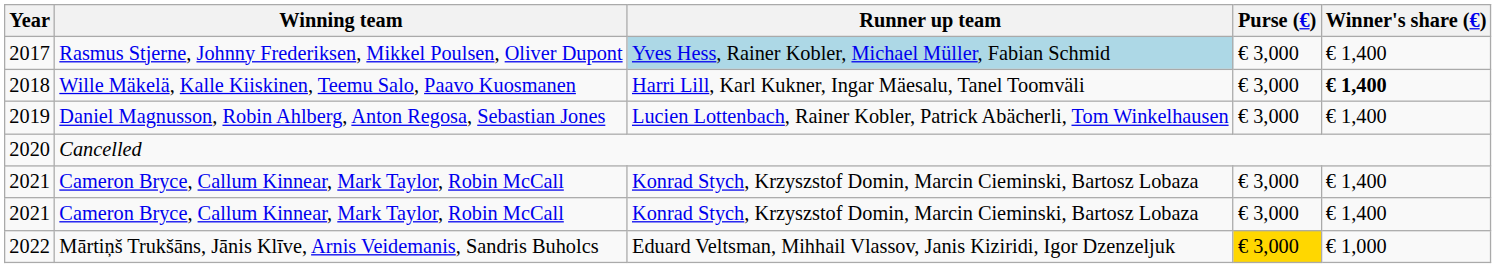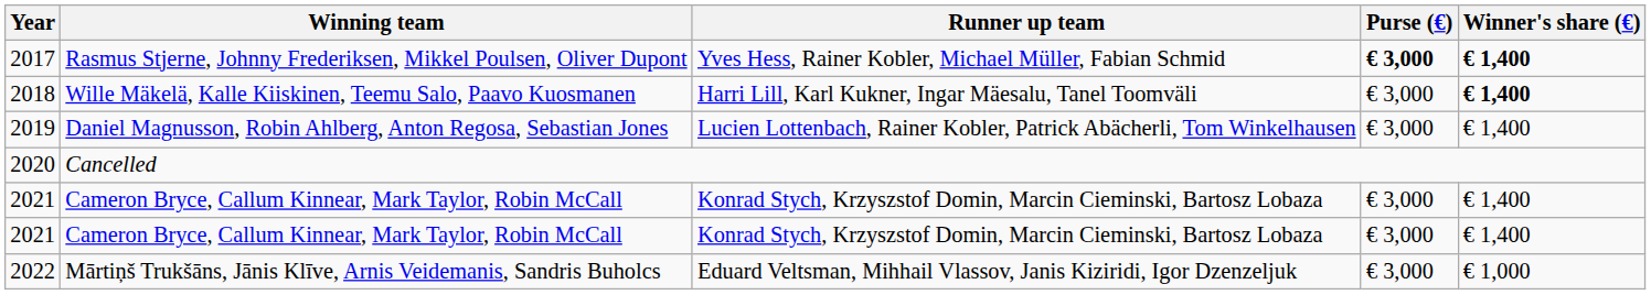 <table class="wikitable">
 <tr>
 <th scope="col">Year</th>
 <th scope="col">Winning team</th>
 <th scope="col">Runner up team</th>
 <th scope="col">Purse (<a href='#'>€</a>)</th>
 <th scope="col">Winner's share (<a href='#'>€</a>)</th>
 </tr>
 <tr>
 <td>2017</td>
 <td> <a href='#'>Rasmus Stjerne</a>, <a href='#'>Johnny Frederiksen</a>, <a href='#'>Mikkel Poulsen</a>, <a href='#'>Oliver Dupont</a></td>
-<td style="background: lightblue;"> <a href='#'>Yves Hess</a>, Rainer Kobler, <a href='#'>Michael Müller</a>, Fabian Schmid</td>
-<td>€ 3,000</td>
-<td>€ 1,400</td>
+<td> <a href='#'>Yves Hess</a>, Rainer Kobler, <a href='#'>Michael Müller</a>, Fabian Schmid</td>
+<td><strong>€ 3,000</strong></td>
+<td><strong>€ 1,400</strong></td>
 </tr>
 <tr>
 <td>2018</td>
 <td> <a href='#'>Wille Mäkelä</a>, <a href='#'>Kalle Kiiskinen</a>, <a href='#'>Teemu Salo</a>, <a href='#'>Paavo Kuosmanen</a></td>
 <td> <a href='#'>Harri Lill</a>, Karl Kukner, Ingar Mäesalu, Tanel Toomväli</td>
 <td>€ 3,000</td>
 <td><strong>€ 1,400</strong></td>
 </tr>
 <tr>
 <td>2019</td>
 <td> <a href='#'>Daniel Magnusson</a>, <a href='#'>Robin Ahlberg</a>, <a href='#'>Anton Regosa</a>, <a href='#'>Sebastian Jones</a></td>
 <td> <a href='#'>Lucien Lottenbach</a>, Rainer Kobler, Patrick Abächerli, <a href='#'>Tom Winkelhausen</a></td>
 <td>€ 3,000</td>
 <td>€ 1,400</td>
 </tr>
 <tr>
 <td>2020</td>
 <td colspan="4"><em>Cancelled</em></td>
 </tr>
 <tr>
 <td>2021</td>
 <td> <a href='#'>Cameron Bryce</a>, <a href='#'>Callum Kinnear</a>, <a href='#'>Mark Taylor</a>, <a href='#'>Robin McCall</a></td>
 <td> <a href='#'>Konrad Stych</a>, Krzyszstof Domin, Marcin Cieminski, Bartosz Lobaza</td>
 <td>€ 3,000</td>
 <td>€ 1,400</td>
 </tr>
 <tr>
 <td>2021</td>
 <td> <a href='#'>Cameron Bryce</a>, <a href='#'>Callum Kinnear</a>, <a href='#'>Mark Taylor</a>, <a href='#'>Robin McCall</a></td>
 <td> <a href='#'>Konrad Stych</a>, Krzyszstof Domin, Marcin Cieminski, Bartosz Lobaza</td>
 <td>€ 3,000</td>
 <td>€ 1,400</td>
 </tr>
 <tr>
 <td>2022</td>
 <td> Mārtiņš Trukšāns, Jānis Klīve, <a href='#'>Arnis Veidemanis</a>, Sandris Buholcs</td>
 <td> Eduard Veltsman, Mihhail Vlassov, Janis Kiziridi, Igor Dzenzeljuk</td>
-<td style="background: gold;">€ 3,000</td>
+<td>€ 3,000</td>
 <td>€ 1,000</td>
 </tr>
 </table>
